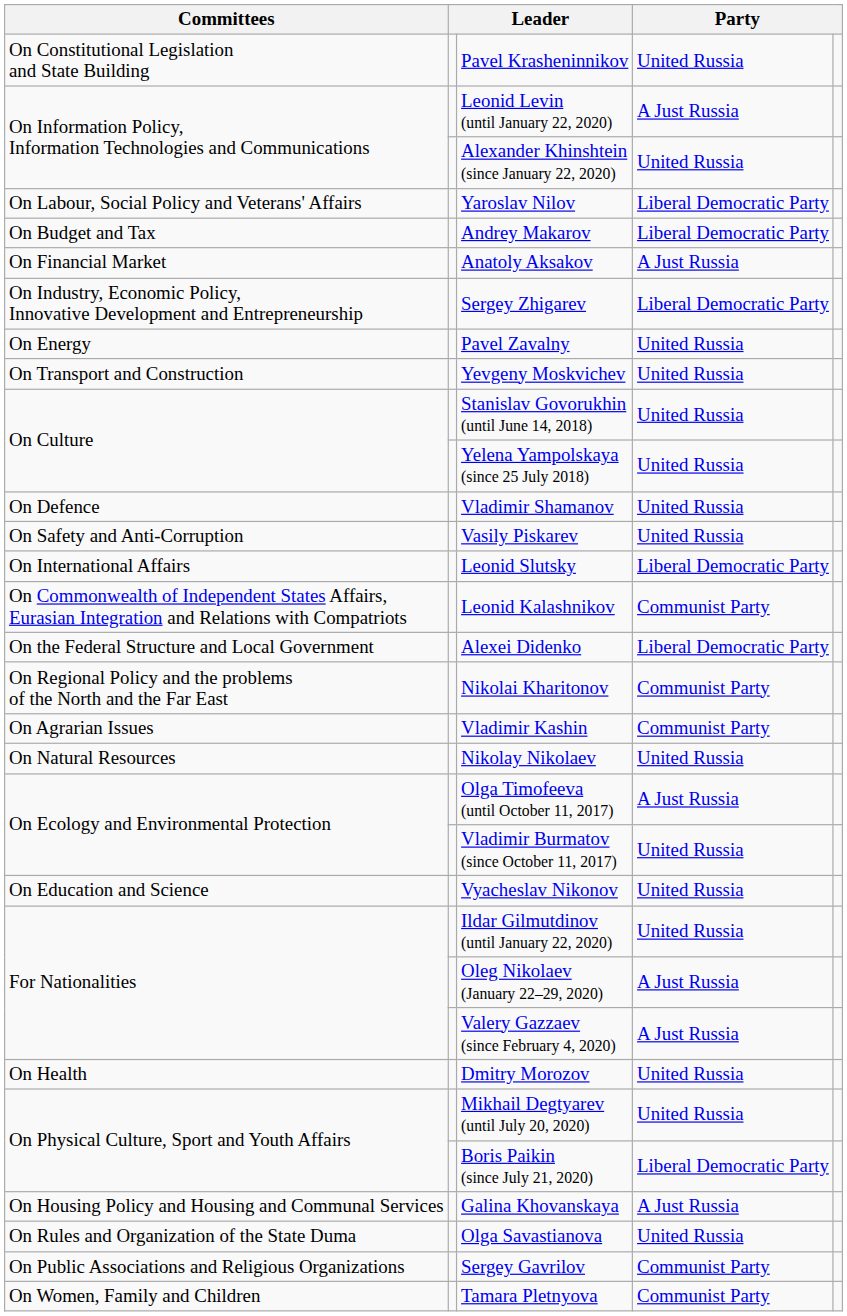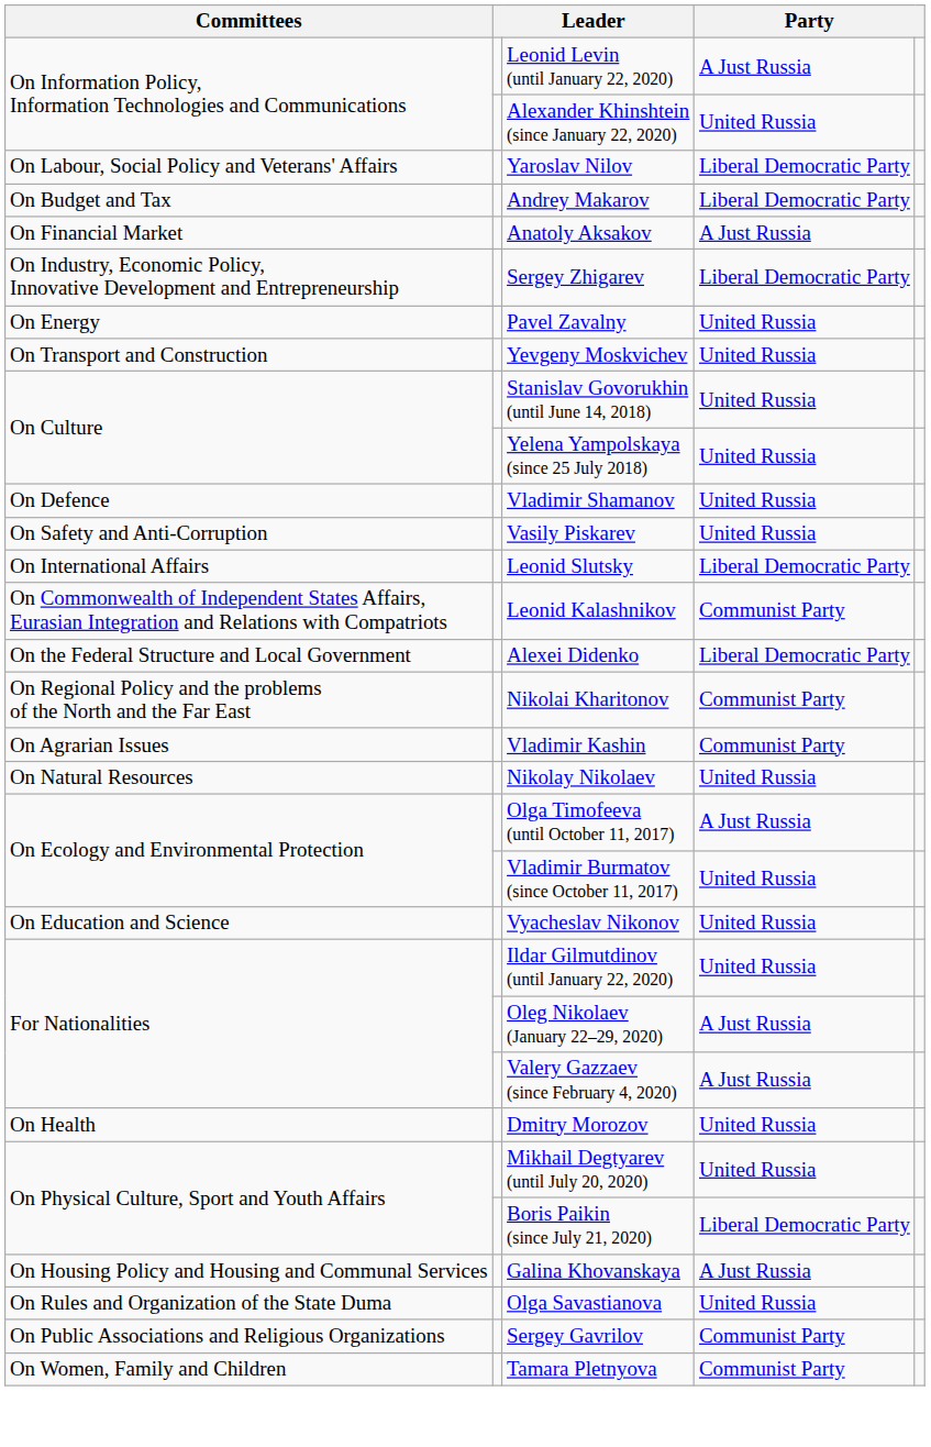 <table class="wikitable">
 <tr>
 <th>Committees</th>
 <th colspan=2>Leader</th>
 <th colspan=2>Party</th>
-</tr>
-<tr>
-<td>On Constitutional Legislation<br>and State Building</td>
-<td style="background-color:"></td>
-<td><a href='#'>Pavel Krasheninnikov</a></td>
-<td><a href='#'>United Russia</a></td>
-<td style="background-color:"></td>
 </tr>
 <tr>
 <td rowspan=2>On Information Policy,<br>Information Technologies and Communications</td>
 <td style="background-color:"></td>
 <td><a href='#'>Leonid Levin</a><br><small>(until January 22, 2020)</small></td>
 <td><a href='#'>A Just Russia</a></td>
 <td style="background-color:"></td>
 </tr>
 <tr>
 <td style="background-color:"></td>
 <td><a href='#'>Alexander Khinshtein</a><br><small>(since January 22, 2020)</small></td>
 <td><a href='#'>United Russia</a></td>
 <td style="background-color:"></td>
 </tr>
 <tr>
 <td>On Labour, Social Policy and Veterans' Affairs</td>
 <td style="background-color:"></td>
 <td><a href='#'>Yaroslav Nilov</a></td>
 <td><a href='#'>Liberal Democratic Party</a></td>
 <td style="background-color:"></td>
 </tr>
 <tr>
 <td>On Budget and Tax</td>
 <td style="background-color:"></td>
 <td><a href='#'>Andrey Makarov</a></td>
 <td><a href='#'>Liberal Democratic Party</a></td>
 <td style="background-color:"></td>
 </tr>
 <tr>
 <td>On Financial Market</td>
 <td style="background-color:"></td>
 <td><a href='#'>Anatoly Aksakov</a></td>
 <td><a href='#'>A Just Russia</a></td>
 <td style="background-color:"></td>
 </tr>
 <tr>
 <td>On Industry, Economic Policy,<br>Innovative Development and Entrepreneurship</td>
 <td style="background-color:"></td>
 <td><a href='#'>Sergey Zhigarev</a></td>
 <td><a href='#'>Liberal Democratic Party</a></td>
 <td style="background-color:"></td>
 </tr>
 <tr>
 <td>On Energy</td>
 <td style="background-color:"></td>
 <td><a href='#'>Pavel Zavalny</a></td>
 <td><a href='#'>United Russia</a></td>
 <td style="background-color:"></td>
 </tr>
 <tr>
 <td>On Transport and Construction</td>
 <td style="background-color:"></td>
 <td><a href='#'>Yevgeny Moskvichev</a></td>
 <td><a href='#'>United Russia</a></td>
 <td style="background-color:"></td>
 </tr>
 <tr>
 <td rowspan=2>On Culture</td>
 <td style="background-color:"></td>
 <td><a href='#'>Stanislav Govorukhin</a><br><small>(until June 14, 2018)</small></td>
 <td><a href='#'>United Russia</a></td>
 <td style="background-color:"></td>
 </tr>
 <tr>
 <td style="background-color:"></td>
 <td><a href='#'>Yelena Yampolskaya</a><br><small>(since 25 July 2018)</small></td>
 <td><a href='#'>United Russia</a></td>
 <td style="background-color:"></td>
 </tr>
 <tr>
 <td>On Defence</td>
 <td style="background-color:"></td>
 <td><a href='#'>Vladimir Shamanov</a></td>
 <td><a href='#'>United Russia</a></td>
 <td style="background-color:"></td>
 </tr>
 <tr>
 <td>On Safety and Anti-Corruption</td>
 <td style="background-color:"></td>
 <td><a href='#'>Vasily Piskarev</a></td>
 <td><a href='#'>United Russia</a></td>
 <td style="background-color:"></td>
 </tr>
 <tr>
 <td>On International Affairs</td>
 <td style="background-color:"></td>
 <td><a href='#'>Leonid Slutsky</a></td>
 <td><a href='#'>Liberal Democratic Party</a></td>
 <td style="background-color:"></td>
 </tr>
 <tr>
 <td>On <a href='#'>Commonwealth of Independent States</a> Affairs,<br><a href='#'>Eurasian Integration</a> and Relations with Compatriots</td>
 <td style="background-color:"></td>
 <td><a href='#'>Leonid Kalashnikov</a></td>
 <td><a href='#'>Communist Party</a></td>
 <td style="background-color:"></td>
 </tr>
 <tr>
 <td>On the Federal Structure and Local Government</td>
 <td style="background-color:"></td>
 <td><a href='#'>Alexei Didenko</a></td>
 <td><a href='#'>Liberal Democratic Party</a></td>
 <td style="background-color:"></td>
 </tr>
 <tr>
 <td>On Regional Policy and the problems<br>of the North and the Far East</td>
 <td style="background-color:"></td>
 <td><a href='#'>Nikolai Kharitonov</a></td>
 <td><a href='#'>Communist Party</a></td>
 <td style="background-color:"></td>
 </tr>
 <tr>
 <td>On Agrarian Issues</td>
 <td style="background-color:"></td>
 <td><a href='#'>Vladimir Kashin</a></td>
 <td><a href='#'>Communist Party</a></td>
 <td style="background-color:"></td>
 </tr>
 <tr>
 <td>On Natural Resources</td>
 <td style="background-color:"></td>
 <td><a href='#'>Nikolay Nikolaev</a></td>
 <td><a href='#'>United Russia</a></td>
 <td style="background-color:"></td>
 </tr>
 <tr>
 <td rowspan=2>On Ecology and Environmental Protection</td>
 <td style="background-color:"></td>
 <td><a href='#'>Olga Timofeeva</a><br><small>(until October 11, 2017)</small></td>
 <td><a href='#'>A Just Russia</a></td>
 <td style="background-color:"></td>
 </tr>
 <tr>
 <td style="background-color:"></td>
 <td><a href='#'>Vladimir Burmatov</a><br><small>(since October 11, 2017)</small></td>
 <td><a href='#'>United Russia</a></td>
 <td style="background-color:"></td>
 </tr>
 <tr>
 <td>On Education and Science</td>
 <td style="background-color:"></td>
 <td><a href='#'>Vyacheslav Nikonov</a></td>
 <td><a href='#'>United Russia</a></td>
 <td style="background-color:"></td>
 </tr>
 <tr>
 <td rowspan=3>For Nationalities</td>
 <td style="background-color:"></td>
 <td><a href='#'>Ildar Gilmutdinov</a><br><small>(until January 22, 2020)</small></td>
 <td><a href='#'>United Russia</a></td>
 <td style="background-color:"></td>
 </tr>
 <tr>
 <td style="background-color:"></td>
 <td><a href='#'>Oleg Nikolaev</a><br><small>(January 22–29, 2020)</small></td>
 <td><a href='#'>A Just Russia</a></td>
 <td style="background-color:"></td>
 </tr>
 <tr>
 <td style="background-color:"></td>
 <td><a href='#'>Valery Gazzaev</a><br><small>(since February 4, 2020)</small></td>
 <td><a href='#'>A Just Russia</a></td>
 <td style="background-color:"></td>
 </tr>
 <tr>
 <td>On Health</td>
 <td style="background-color:"></td>
 <td><a href='#'>Dmitry Morozov</a></td>
 <td><a href='#'>United Russia</a></td>
 <td style="background-color:"></td>
 </tr>
 <tr>
 <td rowspan=2>On Physical Culture, Sport and Youth Affairs</td>
 <td style="background-color:"></td>
 <td><a href='#'>Mikhail Degtyarev</a><br><small>(until July 20, 2020)</small></td>
 <td><a href='#'>United Russia</a></td>
 <td style="background-color:"></td>
 </tr>
 <tr>
 <td style="background-color:"></td>
 <td><a href='#'>Boris Paikin</a><br><small>(since July 21, 2020)</small></td>
 <td><a href='#'>Liberal Democratic Party</a></td>
 <td style="background-color:"></td>
 </tr>
 <tr>
 <td>On Housing Policy and Housing and Communal Services</td>
 <td style="background-color:"></td>
 <td><a href='#'>Galina Khovanskaya</a></td>
 <td><a href='#'>A Just Russia</a></td>
 <td style="background-color:"></td>
 </tr>
 <tr>
 <td>On Rules and Organization of the State Duma</td>
 <td style="background-color:"></td>
 <td><a href='#'>Olga Savastianova</a></td>
 <td><a href='#'>United Russia</a></td>
 <td style="background-color:"></td>
 </tr>
 <tr>
 <td>On Public Associations and Religious Organizations</td>
 <td style="background-color:"></td>
 <td><a href='#'>Sergey Gavrilov</a></td>
 <td><a href='#'>Communist Party</a></td>
 <td style="background-color:"></td>
 </tr>
 <tr>
 <td>On Women, Family and Children</td>
 <td style="background-color:"></td>
 <td><a href='#'>Tamara Pletnyova</a></td>
 <td><a href='#'>Communist Party</a></td>
 <td style="background-color:"></td>
 </tr>
 </table>
